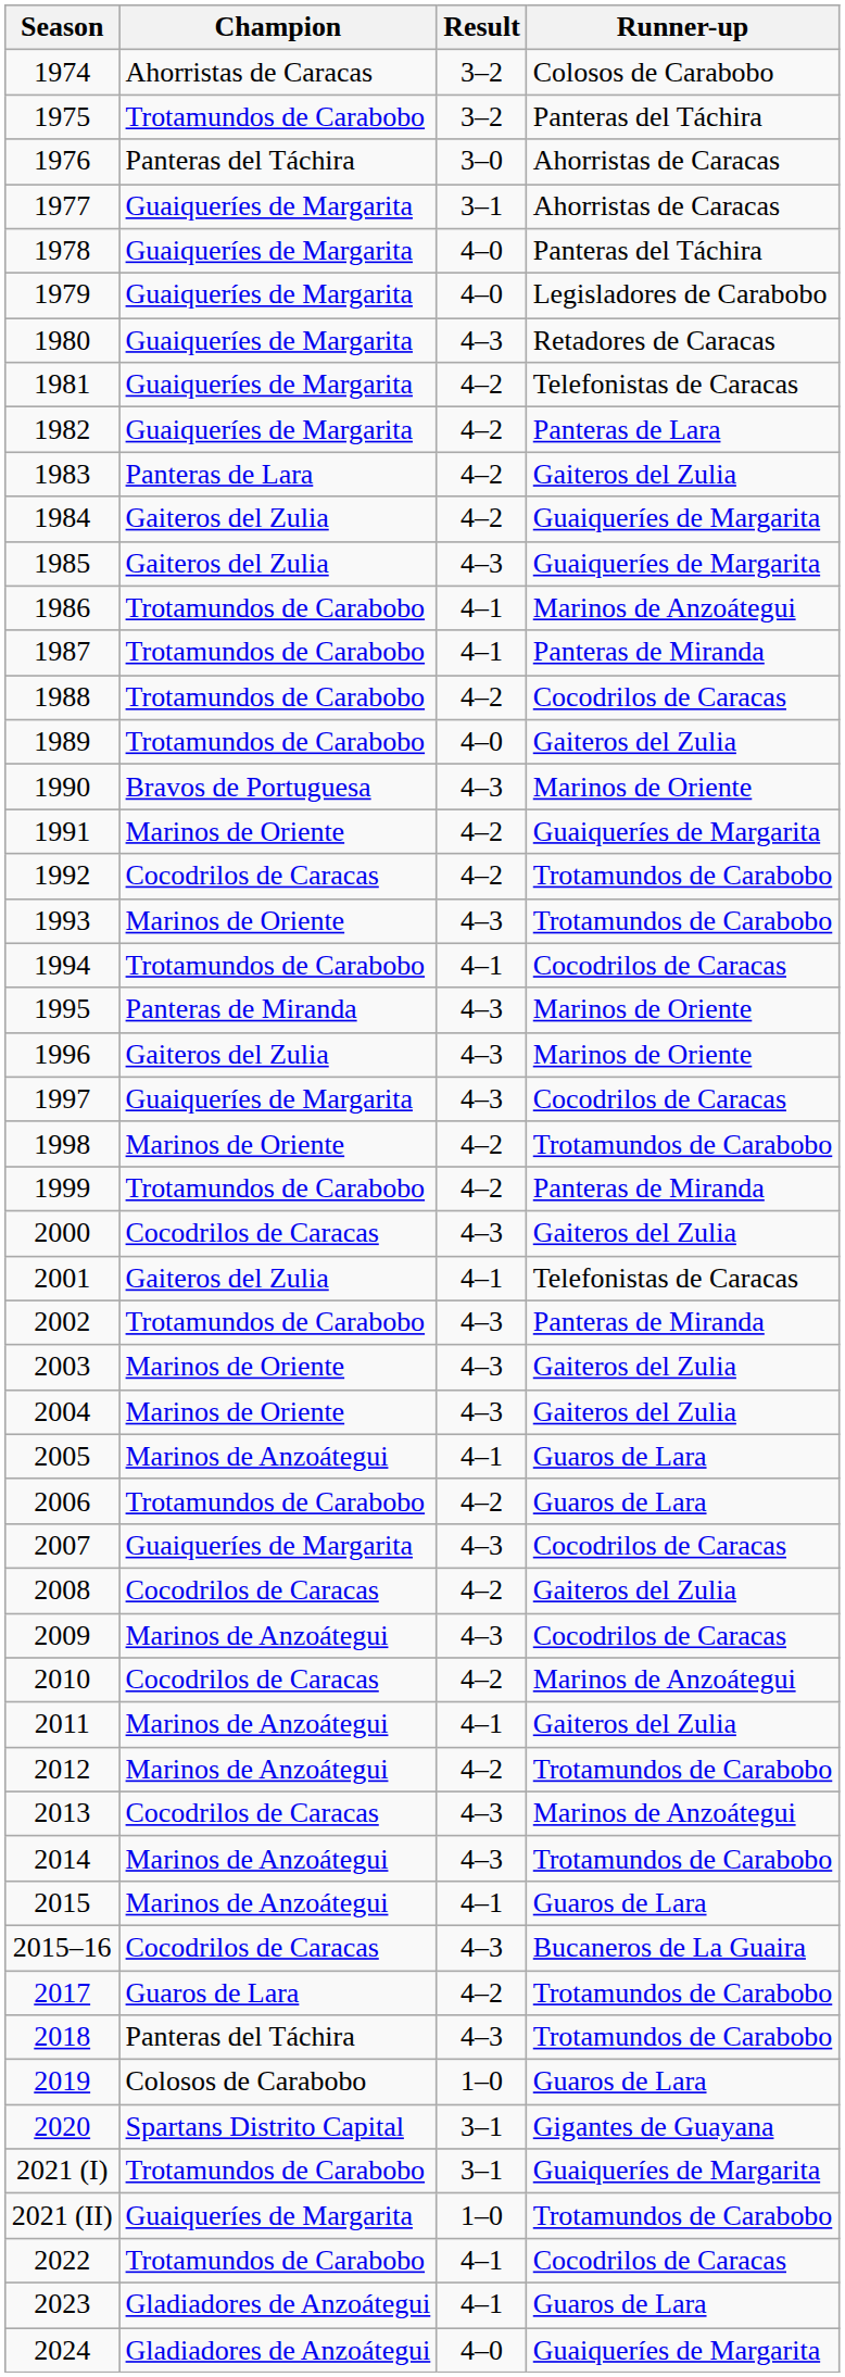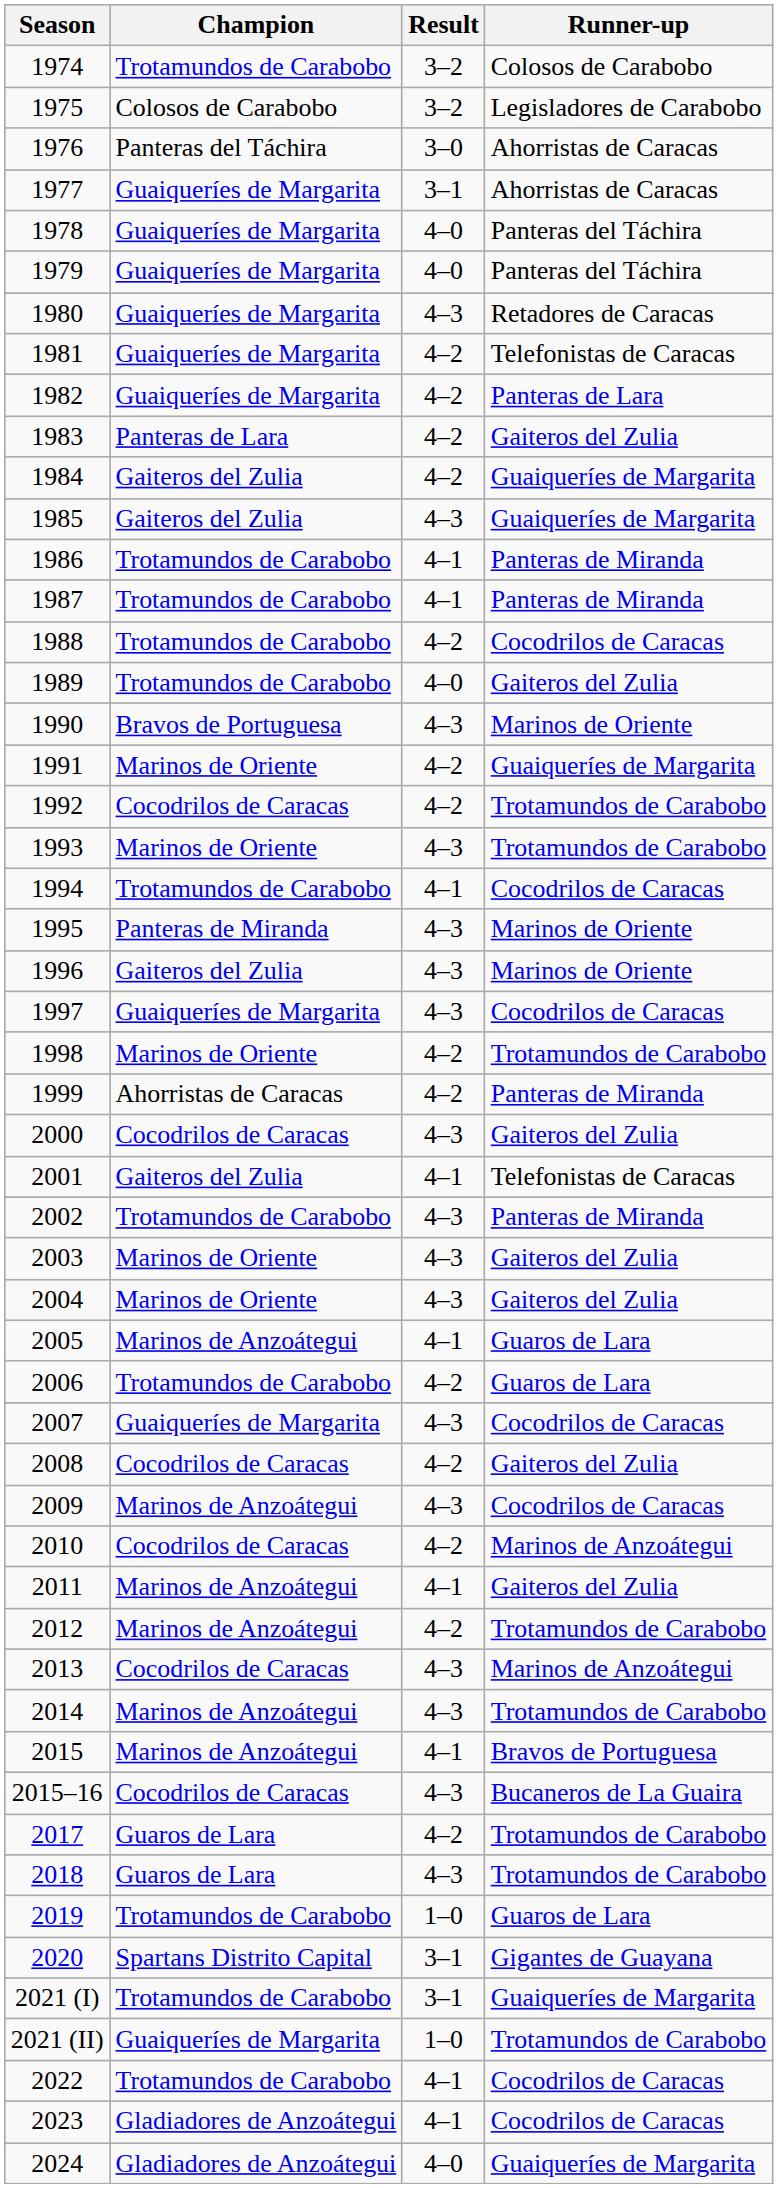 <table class="wikitable sortable">
 <tr>
 <th>Season</th>
 <th>Champion</th>
 <th>Result</th>
 <th>Runner-up</th>
 </tr>
 <tr>
 <td align="center">1974</td>
-<td>Ahorristas de Caracas</td>
+<td><a href='#'>Trotamundos de Carabobo</a></td>
 <td align="center">3–2</td>
 <td>Colosos de Carabobo</td>
 </tr>
 <tr>
 <td align="center">1975</td>
-<td><a href='#'>Trotamundos de Carabobo</a></td>
+<td>Colosos de Carabobo</td>
 <td align="center">3–2</td>
-<td>Panteras del Táchira</td>
+<td>Legisladores de Carabobo</td>
 </tr>
 <tr>
 <td align="center">1976</td>
 <td>Panteras del Táchira</td>
 <td align="center">3–0</td>
 <td>Ahorristas de Caracas</td>
 </tr>
 <tr>
 <td align="center">1977</td>
 <td><a href='#'>Guaiqueríes de Margarita</a></td>
 <td align="center">3–1</td>
 <td>Ahorristas de Caracas</td>
 </tr>
 <tr>
 <td align="center">1978</td>
 <td><a href='#'>Guaiqueríes de Margarita</a></td>
 <td align="center">4–0</td>
 <td>Panteras del Táchira</td>
 </tr>
 <tr>
 <td align="center">1979</td>
 <td><a href='#'>Guaiqueríes de Margarita</a></td>
 <td align="center">4–0</td>
-<td>Legisladores de Carabobo</td>
+<td>Panteras del Táchira</td>
 </tr>
 <tr>
 <td align="center">1980</td>
 <td><a href='#'>Guaiqueríes de Margarita</a></td>
 <td align="center">4–3</td>
 <td>Retadores de Caracas</td>
 </tr>
 <tr>
 <td align="center">1981</td>
 <td><a href='#'>Guaiqueríes de Margarita</a></td>
 <td align="center">4–2</td>
 <td>Telefonistas de Caracas</td>
 </tr>
 <tr>
 <td align="center">1982</td>
 <td><a href='#'>Guaiqueríes de Margarita</a></td>
 <td align="center">4–2</td>
 <td><a href='#'>Panteras de Lara</a></td>
 </tr>
 <tr>
 <td align="center">1983</td>
 <td><a href='#'>Panteras de Lara</a></td>
 <td align="center">4–2</td>
 <td><a href='#'>Gaiteros del Zulia</a></td>
 </tr>
 <tr>
 <td align="center">1984</td>
 <td><a href='#'>Gaiteros del Zulia</a></td>
 <td align="center">4–2</td>
 <td><a href='#'>Guaiqueríes de Margarita</a></td>
 </tr>
 <tr>
 <td align="center">1985</td>
 <td><a href='#'>Gaiteros del Zulia</a></td>
 <td align="center">4–3</td>
 <td><a href='#'>Guaiqueríes de Margarita</a></td>
 </tr>
 <tr>
 <td align="center">1986</td>
 <td><a href='#'>Trotamundos de Carabobo</a></td>
 <td align="center">4–1</td>
-<td><a href='#'>Marinos de Anzoátegui</a></td>
+<td><a href='#'>Panteras de Miranda</a></td>
 </tr>
 <tr>
 <td align="center">1987</td>
 <td><a href='#'>Trotamundos de Carabobo</a></td>
 <td align="center">4–1</td>
 <td><a href='#'>Panteras de Miranda</a></td>
 </tr>
 <tr>
 <td align="center">1988</td>
 <td><a href='#'>Trotamundos de Carabobo</a></td>
 <td align="center">4–2</td>
 <td><a href='#'>Cocodrilos de Caracas</a></td>
 </tr>
 <tr>
 <td align="center">1989</td>
 <td><a href='#'>Trotamundos de Carabobo</a></td>
 <td align="center">4–0</td>
 <td><a href='#'>Gaiteros del Zulia</a></td>
 </tr>
 <tr>
 <td align="center">1990</td>
 <td><a href='#'>Bravos de Portuguesa</a></td>
 <td align="center">4–3</td>
 <td><a href='#'>Marinos de Oriente</a></td>
 </tr>
 <tr>
 <td align="center">1991</td>
 <td><a href='#'>Marinos de Oriente</a></td>
 <td align="center">4–2</td>
 <td><a href='#'>Guaiqueríes de Margarita</a></td>
 </tr>
 <tr>
 <td align="center">1992</td>
 <td><a href='#'>Cocodrilos de Caracas</a></td>
 <td align="center">4–2</td>
 <td><a href='#'>Trotamundos de Carabobo</a></td>
 </tr>
 <tr>
 <td align="center">1993</td>
 <td><a href='#'>Marinos de Oriente</a></td>
 <td align="center">4–3</td>
 <td><a href='#'>Trotamundos de Carabobo</a></td>
 </tr>
 <tr>
 <td align="center">1994</td>
 <td><a href='#'>Trotamundos de Carabobo</a></td>
 <td align="center">4–1</td>
 <td><a href='#'>Cocodrilos de Caracas</a></td>
 </tr>
 <tr>
 <td align="center">1995</td>
 <td><a href='#'>Panteras de Miranda</a></td>
 <td align="center">4–3</td>
 <td><a href='#'>Marinos de Oriente</a></td>
 </tr>
 <tr>
 <td align="center">1996</td>
 <td><a href='#'>Gaiteros del Zulia</a></td>
 <td align="center">4–3</td>
 <td><a href='#'>Marinos de Oriente</a></td>
 </tr>
 <tr>
 <td align="center">1997</td>
 <td><a href='#'>Guaiqueríes de Margarita</a></td>
 <td align="center">4–3</td>
 <td><a href='#'>Cocodrilos de Caracas</a></td>
 </tr>
 <tr>
 <td align="center">1998</td>
 <td><a href='#'>Marinos de Oriente</a></td>
 <td align="center">4–2</td>
 <td><a href='#'>Trotamundos de Carabobo</a></td>
 </tr>
 <tr>
 <td align="center">1999</td>
-<td><a href='#'>Trotamundos de Carabobo</a></td>
+<td>Ahorristas de Caracas</td>
 <td align="center">4–2</td>
 <td><a href='#'>Panteras de Miranda</a></td>
 </tr>
 <tr>
 <td align="center">2000</td>
 <td><a href='#'>Cocodrilos de Caracas</a></td>
 <td align="center">4–3</td>
 <td><a href='#'>Gaiteros del Zulia</a></td>
 </tr>
 <tr>
 <td align="center">2001</td>
 <td><a href='#'>Gaiteros del Zulia</a></td>
 <td align="center">4–1</td>
 <td>Telefonistas de Caracas</td>
 </tr>
 <tr>
 <td align="center">2002</td>
 <td><a href='#'>Trotamundos de Carabobo</a></td>
 <td align="center">4–3</td>
 <td><a href='#'>Panteras de Miranda</a></td>
 </tr>
 <tr>
 <td align="center">2003</td>
 <td><a href='#'>Marinos de Oriente</a></td>
 <td align="center">4–3</td>
 <td><a href='#'>Gaiteros del Zulia</a></td>
 </tr>
 <tr>
 <td align="center">2004</td>
 <td><a href='#'>Marinos de Oriente</a></td>
 <td align="center">4–3</td>
 <td><a href='#'>Gaiteros del Zulia</a></td>
 </tr>
 <tr>
 <td align="center">2005</td>
 <td><a href='#'>Marinos de Anzoátegui</a></td>
 <td align="center">4–1</td>
 <td><a href='#'>Guaros de Lara</a></td>
 </tr>
 <tr>
 <td align="center">2006</td>
 <td><a href='#'>Trotamundos de Carabobo</a></td>
 <td align="center">4–2</td>
 <td><a href='#'>Guaros de Lara</a></td>
 </tr>
 <tr>
 <td align="center">2007</td>
 <td><a href='#'>Guaiqueríes de Margarita</a></td>
 <td align="center">4–3</td>
 <td><a href='#'>Cocodrilos de Caracas</a></td>
 </tr>
 <tr>
 <td align="center">2008</td>
 <td><a href='#'>Cocodrilos de Caracas</a></td>
 <td align="center">4–2</td>
 <td><a href='#'>Gaiteros del Zulia</a></td>
 </tr>
 <tr>
 <td align="center">2009</td>
 <td><a href='#'>Marinos de Anzoátegui</a></td>
 <td align="center">4–3</td>
 <td><a href='#'>Cocodrilos de Caracas</a></td>
 </tr>
 <tr>
 <td align="center">2010</td>
 <td><a href='#'>Cocodrilos de Caracas</a></td>
 <td align="center">4–2</td>
 <td><a href='#'>Marinos de Anzoátegui</a></td>
 </tr>
 <tr>
 <td align="center">2011</td>
 <td><a href='#'>Marinos de Anzoátegui</a></td>
 <td align="center">4–1</td>
 <td><a href='#'>Gaiteros del Zulia</a></td>
 </tr>
 <tr>
 <td align="center">2012</td>
 <td><a href='#'>Marinos de Anzoátegui</a></td>
 <td align="center">4–2</td>
 <td><a href='#'>Trotamundos de Carabobo</a></td>
 </tr>
 <tr>
 <td align="center">2013</td>
 <td><a href='#'>Cocodrilos de Caracas</a></td>
 <td align="center">4–3</td>
 <td><a href='#'>Marinos de Anzoátegui</a></td>
 </tr>
 <tr>
 <td align="center">2014</td>
 <td><a href='#'>Marinos de Anzoátegui</a></td>
 <td align="center">4–3</td>
 <td><a href='#'>Trotamundos de Carabobo</a></td>
 </tr>
 <tr>
 <td align="center">2015</td>
 <td><a href='#'>Marinos de Anzoátegui</a></td>
 <td align="center">4–1</td>
-<td><a href='#'>Guaros de Lara</a></td>
+<td><a href='#'>Bravos de Portuguesa</a></td>
 </tr>
 <tr>
 <td align="center">2015–16</td>
 <td><a href='#'>Cocodrilos de Caracas</a></td>
 <td align="center">4–3</td>
 <td><a href='#'>Bucaneros de La Guaira</a></td>
 </tr>
 <tr>
 <td align="center"><a href='#'>2017</a></td>
 <td><a href='#'>Guaros de Lara</a></td>
 <td align="center">4–2</td>
 <td><a href='#'>Trotamundos de Carabobo</a></td>
 </tr>
 <tr>
 <td align="center"><a href='#'>2018</a></td>
-<td>Panteras del Táchira</td>
+<td><a href='#'>Guaros de Lara</a></td>
 <td align="center">4–3</td>
 <td><a href='#'>Trotamundos de Carabobo</a></td>
 </tr>
 <tr>
 <td align="center"><a href='#'>2019</a></td>
-<td>Colosos de Carabobo</td>
+<td><a href='#'>Trotamundos de Carabobo</a></td>
 <td align="center">1–0</td>
 <td><a href='#'>Guaros de Lara</a></td>
 </tr>
 <tr>
 <td align="center"><a href='#'>2020</a></td>
 <td><a href='#'>Spartans Distrito Capital</a></td>
 <td align=center>3–1</td>
 <td><a href='#'>Gigantes de Guayana</a></td>
 </tr>
 <tr>
 <td align="center">2021 (I)</td>
 <td><a href='#'>Trotamundos de Carabobo</a></td>
 <td align=center>3–1</td>
 <td><a href='#'>Guaiqueríes de Margarita</a></td>
 </tr>
 <tr>
 <td align="center">2021 (II)</td>
 <td><a href='#'>Guaiqueríes de Margarita</a></td>
 <td align="center">1–0</td>
 <td><a href='#'>Trotamundos de Carabobo</a></td>
 </tr>
 <tr>
 <td align="center">2022</td>
 <td><a href='#'>Trotamundos de Carabobo</a></td>
 <td align="center">4–1</td>
 <td><a href='#'>Cocodrilos de Caracas</a></td>
 </tr>
 <tr>
 <td align="center">2023</td>
 <td><a href='#'>Gladiadores de Anzoátegui</a></td>
 <td align="center">4–1</td>
-<td><a href='#'>Guaros de Lara</a></td>
+<td><a href='#'>Cocodrilos de Caracas</a></td>
 </tr>
 <tr>
 <td align="center">2024</td>
 <td><a href='#'>Gladiadores de Anzoátegui</a></td>
 <td align="center">4–0</td>
 <td><a href='#'>Guaiqueríes de Margarita</a></td>
 </tr>
 </table>
